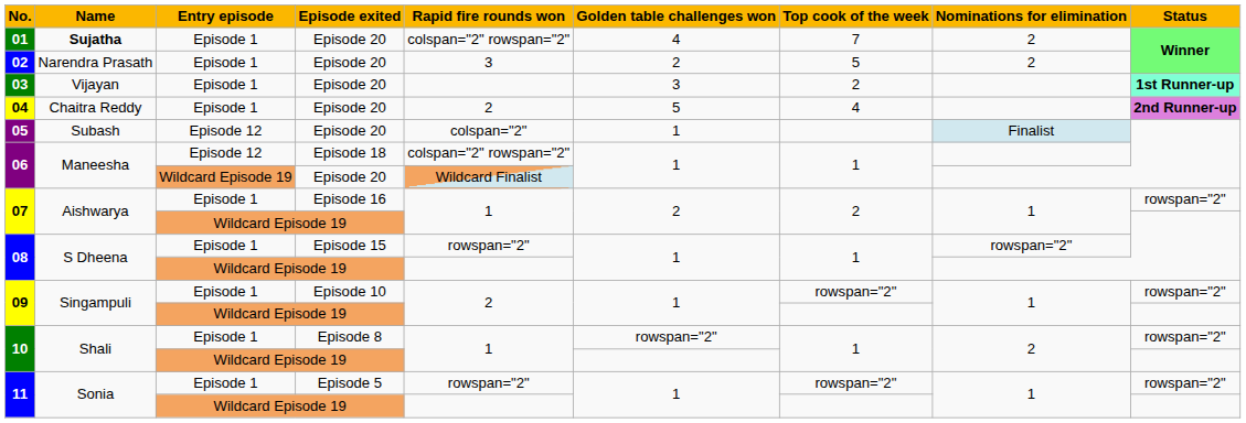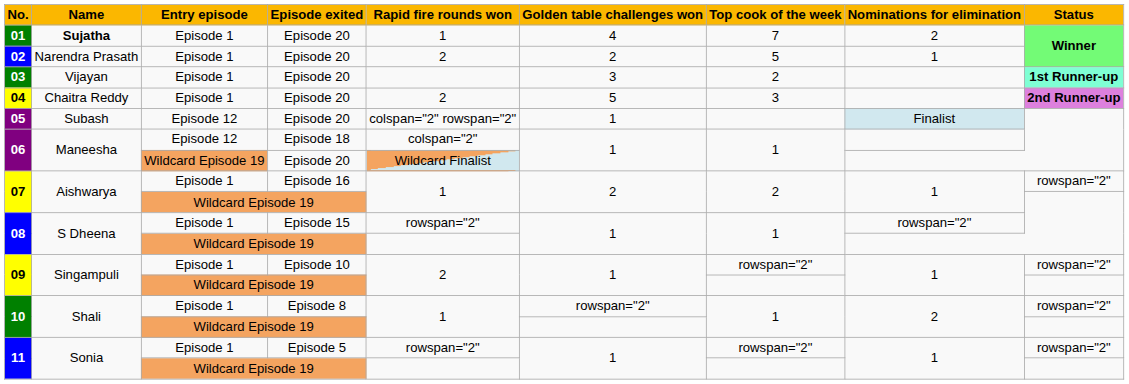 <table class="wikitable sortable" style="text-align:center;">
 <tr>
 <th scope="col" style="background:#FBB700">No.</th>
 <th scope="col" style="background:#FBB700">Name</th>
 <th scope="col" style="background:#FBB700">Entry episode</th>
 <th scope="col" style="background:#FBB700">Episode exited</th>
 <th scope="col" style="background:#FBB700">Rapid fire rounds won</th>
 <th scope="col" style="background:#FBB700">Golden table challenges won</th>
 <th scope="col" style="background:#FBB700">Top cook of the week</th>
 <th scope="col" style="background:#FBB700">Nominations for elimination</th>
 <th scope="col" style="background:#FBB700">Status</th>
 </tr>
 <tr>
 <th scope="row" style="background:Green;color:white;">01</th>
 <td><strong>Sujatha</strong></td>
 <td>Episode 1</td>
 <td>Episode 20</td>
-<td>colspan="2" rowspan="2" </td>
+<td>1</td>
 <td>4</td>
 <td>7</td>
 <td>2</td>
 <td rowspan="2" style="background: #73FB76;"><strong>Winner</strong></td>
 </tr>
 <tr>
 <th scope="row" style="background:Blue;color:white;">02</th>
 <td>Narendra Prasath</td>
 <td>Episode 1</td>
 <td>Episode 20</td>
-<td>3</td>
+<td>2</td>
 <td>2</td>
 <td>5</td>
-<td>2</td>
+<td>1</td>
 </tr>
 <tr>
 <th scope="row" style="background:Green;color:white;">03</th>
 <td>Vijayan</td>
 <td>Episode 1</td>
 <td>Episode 20</td>
 <td></td>
 <td>3</td>
 <td>2</td>
 <td></td>
 <td style="background: #7FFFD4;"><strong>1st Runner-up</strong></td>
 </tr>
 <tr>
 <th scope="row" style="background:Yellow;">04</th>
 <td>Chaitra Reddy</td>
 <td>Episode 1</td>
 <td>Episode 20</td>
 <td>2</td>
 <td>5</td>
-<td>4</td>
+<td>3</td>
 <td></td>
 <td style="background: #DD80DD;"><strong>2nd Runner-up</strong></td>
 </tr>
 <tr>
 <th scope="row" style="background:Purple;color:white;">05</th>
 <td>Subash</td>
 <td>Episode 12</td>
 <td>Episode 20</td>
-<td>colspan="2" </td>
+<td>colspan="2" rowspan="2" </td>
 <td>1</td>
 <td></td>
 <td style="background: #D1E8EF;">Finalist</td>
 </tr>
 <tr>
 <th scope="rowgroup" rowspan="2" style="background:Purple;color:white;">06</th>
 <td rowspan="2">Maneesha</td>
 <td>Episode 12</td>
 <td>Episode 18</td>
-<td>colspan="2" rowspan="2" </td>
+<td>colspan="2" </td>
 <td rowspan="2">1</td>
 <td rowspan="2">1</td>
 <td></td>
 </tr>
 <tr>
 <td style="background: sandybrown;">Wildcard Episode 19</td>
 <td>Episode 20</td>
 <td style="background-image: linear-gradient(to right bottom, sandybrown 50%, #D1E8EF 50%);">Wildcard Finalist</td>
 </tr>
 <tr>
 <th scope="rowgroup" rowspan="2" style="background:Yellow;">07</th>
 <td rowspan="2">Aishwarya</td>
 <td>Episode 1</td>
 <td>Episode 16</td>
 <td rowspan="2">1</td>
 <td rowspan="2">2</td>
 <td rowspan="2">2</td>
 <td rowspan="2">1</td>
 <td>rowspan="2" </td>
 </tr>
 <tr>
 <td colspan="2" style="background: sandybrown;">Wildcard Episode 19</td>
 </tr>
 <tr>
 <th scope="rowgroup" rowspan="2" style="background:Blue;color:white;">08</th>
 <td rowspan="2">S Dheena</td>
 <td>Episode 1</td>
 <td>Episode 15</td>
 <td>rowspan="2" </td>
 <td rowspan="2">1</td>
 <td rowspan="2">1</td>
 <td>rowspan="2" </td>
 </tr>
 <tr>
 <td colspan="2" style="background: sandybrown;">Wildcard Episode 19</td>
 </tr>
 <tr>
 <th scope="rowgroup" rowspan="2" style="background:Yellow;">09</th>
 <td rowspan="2">Singampuli</td>
 <td>Episode 1</td>
 <td>Episode 10</td>
 <td rowspan="2">2</td>
 <td rowspan="2">1</td>
 <td>rowspan="2" </td>
 <td rowspan="2">1</td>
 <td>rowspan="2" </td>
 </tr>
 <tr>
 <td colspan="2" style="background: sandybrown;">Wildcard Episode 19</td>
 </tr>
 <tr>
 <th scope="rowgroup" rowspan="2" style="background:Green;color:white;">10</th>
 <td rowspan="2">Shali</td>
 <td>Episode 1</td>
 <td>Episode 8</td>
 <td rowspan="2">1</td>
 <td>rowspan="2" </td>
 <td rowspan="2">1</td>
 <td rowspan="2">2</td>
 <td>rowspan="2" </td>
 </tr>
 <tr>
 <td colspan="2" style="background: sandybrown;">Wildcard Episode 19</td>
 </tr>
 <tr>
 <th scope="rowgroup" rowspan="2" style="background:Blue;color:white;">11</th>
 <td rowspan="2">Sonia</td>
 <td>Episode 1</td>
 <td>Episode 5</td>
 <td>rowspan="2" </td>
 <td rowspan="2">1</td>
 <td>rowspan="2" </td>
 <td rowspan="2">1</td>
 <td>rowspan="2" </td>
 </tr>
 <tr>
 <td colspan="2" style="background: sandybrown;">Wildcard Episode 19</td>
 </tr>
 </table>
